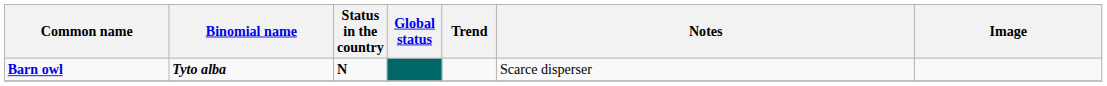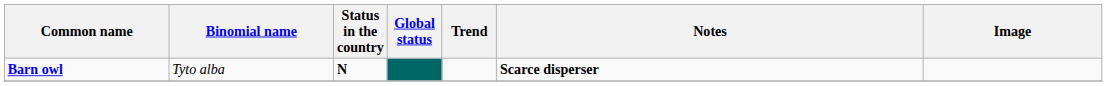 <table class="wikitable sortable">
 <tr>
 <th width="15%">Common name</th>
 <th width="15%"><a href='#'>Binomial name</a></th>
 <th data-sort-type="number" width="1%">Status in the country</th>
 <th width="5%"><a href='#'>Global status</a></th>
 <th width="5%">Trend</th>
 <th class="unsortable">Notes</th>
 <th class="unsortable">Image</th>
 </tr>
 <tr>
 <td><strong><a href='#'>Barn owl</a></strong></td>
-<td><strong><em>Tyto alba</em></strong></td>
+<td><em>Tyto alba</em></td>
 <td><strong>N</strong></td>
 <td align=center style="background: #006666"></td>
 <td align=center></td>
-<td>Scarce disperser</td>
+<td><strong>Scarce disperser</strong></td>
 <td></td>
 </tr>
 <tr>
 </tr>
 </table>
